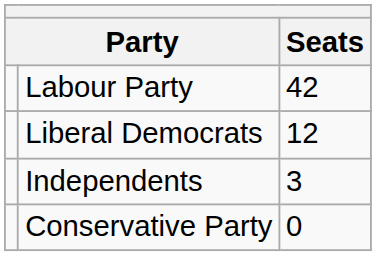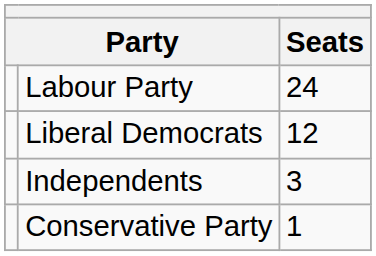 <table class="wikitable">
 <tr>
 <th colspan="3"></th>
 </tr>
 <tr>
 <th colspan="2">Party</th>
 <th>Seats</th>
 </tr>
 <tr>
 <td style="color:inherit;background:"></td>
 <td>Labour Party</td>
-<td>42</td>
+<td>24</td>
 </tr>
 <tr>
 <td style="color:inherit;background:"></td>
 <td>Liberal Democrats</td>
 <td>12</td>
 </tr>
 <tr>
 <td style="color:inherit;background:"></td>
 <td>Independents</td>
 <td>3</td>
 </tr>
 <tr>
 <td style="color:inherit;background:"></td>
 <td>Conservative Party</td>
-<td>0</td>
+<td>1</td>
 </tr>
 </table>
